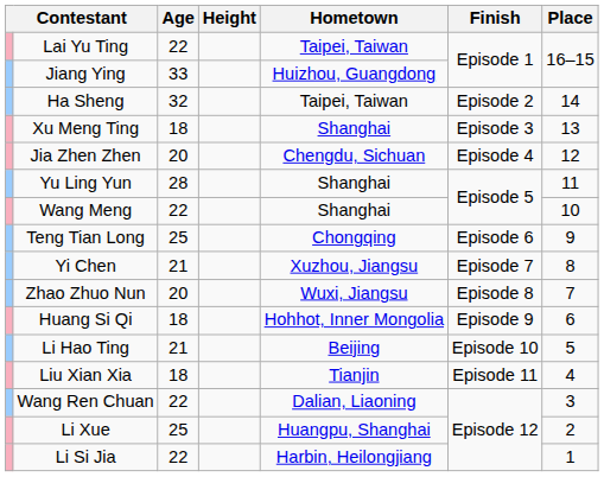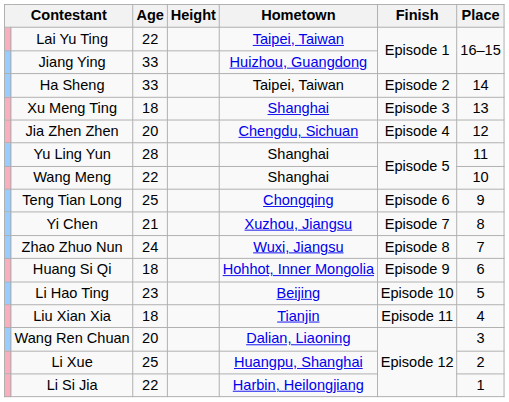 <table class="wikitable sortable" style="text-align:center;">
 <tr>
 <th colspan="2">Contestant</th>
 <th>Age</th>
 <th>Height</th>
 <th>Hometown</th>
 <th>Finish</th>
 <th>Place</th>
 </tr>
 <tr>
 <td style="background:#faafbe"></td>
 <td>Lai Yu Ting</td>
 <td>22</td>
 <td></td>
 <td><a href='#'>Taipei, Taiwan</a></td>
 <td rowspan="2">Episode 1</td>
 <td rowspan="2">16–15</td>
 </tr>
 <tr>
 <td style="background:#9cf;"></td>
 <td>Jiang Ying</td>
 <td>33</td>
 <td></td>
 <td><a href='#'>Huizhou, Guangdong</a></td>
 </tr>
 <tr>
 <td style="background:#9cf;"></td>
 <td>Ha Sheng</td>
-<td>32</td>
+<td>33</td>
 <td></td>
 <td>Taipei, Taiwan</td>
 <td>Episode 2</td>
 <td>14</td>
 </tr>
 <tr>
 <td style="background:#faafbe"></td>
 <td>Xu Meng Ting</td>
 <td>18</td>
 <td></td>
 <td><a href='#'>Shanghai</a></td>
 <td>Episode 3</td>
 <td>13</td>
 </tr>
 <tr>
 <td style="background:#faafbe"></td>
 <td>Jia Zhen Zhen</td>
 <td>20</td>
 <td></td>
 <td><a href='#'>Chengdu, Sichuan</a></td>
 <td>Episode 4</td>
 <td>12</td>
 </tr>
 <tr>
 <td style="background:#9cf;"></td>
 <td>Yu Ling Yun</td>
 <td>28</td>
 <td></td>
 <td>Shanghai</td>
 <td rowspan="2">Episode 5</td>
 <td>11</td>
 </tr>
 <tr>
 <td style="background:#faafbe"></td>
 <td>Wang Meng</td>
 <td>22</td>
 <td></td>
 <td>Shanghai</td>
 <td>10</td>
 </tr>
 <tr>
 <td style="background:#9cf;"></td>
 <td>Teng Tian Long</td>
 <td>25</td>
 <td></td>
 <td><a href='#'>Chongqing</a></td>
 <td>Episode 6</td>
 <td>9</td>
 </tr>
 <tr>
 <td style="background:#9cf;"></td>
 <td>Yi Chen</td>
 <td>21</td>
 <td></td>
 <td><a href='#'>Xuzhou, Jiangsu</a></td>
 <td>Episode 7</td>
 <td>8</td>
 </tr>
 <tr>
 <td style="background:#9cf;"></td>
 <td>Zhao Zhuo Nun</td>
-<td>20</td>
+<td>24</td>
 <td></td>
 <td><a href='#'>Wuxi, Jiangsu</a></td>
 <td>Episode 8</td>
 <td>7</td>
 </tr>
 <tr>
 <td style="background:#faafbe"></td>
 <td>Huang Si Qi</td>
 <td>18</td>
 <td></td>
 <td><a href='#'>Hohhot, Inner Mongolia</a></td>
 <td>Episode 9</td>
 <td>6</td>
 </tr>
 <tr>
 <td style="background:#9cf;"></td>
 <td>Li Hao Ting</td>
-<td>21</td>
+<td>23</td>
 <td></td>
 <td><a href='#'>Beijing</a></td>
 <td>Episode 10</td>
 <td>5</td>
 </tr>
 <tr>
 <td style="background:#faafbe"></td>
 <td>Liu Xian Xia</td>
 <td>18</td>
 <td></td>
 <td><a href='#'>Tianjin</a></td>
 <td>Episode 11</td>
 <td>4</td>
 </tr>
 <tr>
 <td style="background:#9cf;"></td>
 <td>Wang Ren Chuan</td>
-<td>22</td>
+<td>20</td>
 <td></td>
 <td><a href='#'>Dalian, Liaoning</a></td>
 <td rowspan="3">Episode 12</td>
 <td>3</td>
 </tr>
 <tr>
 <td style="background:#faafbe"></td>
 <td>Li Xue</td>
 <td>25</td>
 <td></td>
 <td><a href='#'>Huangpu, Shanghai</a></td>
 <td>2</td>
 </tr>
 <tr>
 <td style="background:#faafbe"></td>
 <td>Li Si Jia</td>
 <td>22</td>
 <td></td>
 <td><a href='#'>Harbin, Heilongjiang</a></td>
 <td>1</td>
 </tr>
 </table>
